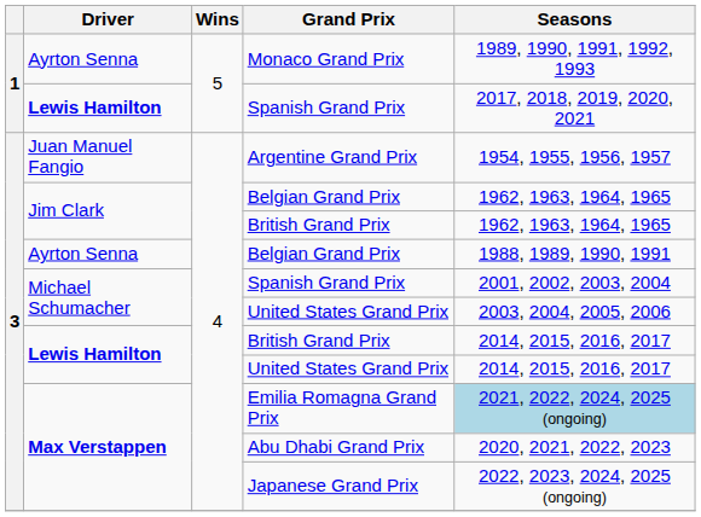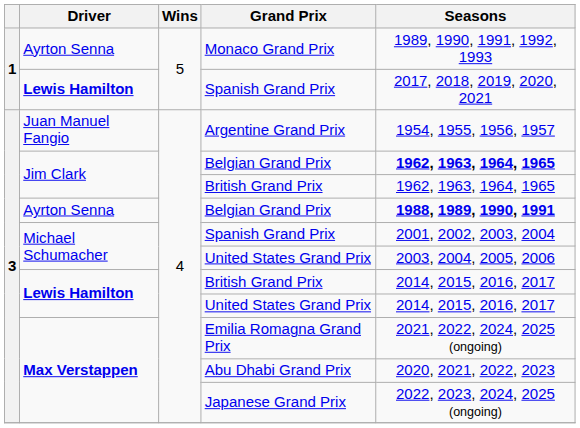 <table class="wikitable sortable">
 <tr>
 <th></th>
 <th>Driver</th>
 <th>Wins</th>
 <th>Grand Prix</th>
 <th class="unsortable">Seasons</th>
 </tr>
 <tr>
 <th rowspan=2>1</th>
 <td> <a href='#'>Ayrton Senna</a></td>
 <td align=center rowspan=2>5</td>
 <td><a href='#'>Monaco Grand Prix</a></td>
 <td align=center><a href='#'>1989</a>, <a href='#'>1990</a>, <a href='#'>1991</a>, <a href='#'>1992</a>, <a href='#'>1993</a></td>
 </tr>
 <tr>
 <td> <strong><a href='#'>Lewis Hamilton</a></strong></td>
 <td><a href='#'>Spanish Grand Prix</a></td>
 <td align=center><a href='#'>2017</a>, <a href='#'>2018</a>, <a href='#'>2019</a>, <a href='#'>2020</a>, <a href='#'>2021</a></td>
 </tr>
 <tr>
 <th rowspan=11>3</th>
 <td> <a href='#'>Juan Manuel Fangio</a></td>
 <td align=center rowspan=11>4</td>
 <td><a href='#'>Argentine Grand Prix</a></td>
 <td align=center><a href='#'>1954</a>, <a href='#'>1955</a>, <a href='#'>1956</a>, <a href='#'>1957</a></td>
 </tr>
 <tr>
 <td rowspan=2> <a href='#'>Jim Clark</a></td>
 <td><a href='#'>Belgian Grand Prix</a></td>
-<td align=center><a href='#'>1962</a>, <a href='#'>1963</a>, <a href='#'>1964</a>, <a href='#'>1965</a></td>
+<td align=center><strong><a href='#'>1962</a>, <a href='#'>1963</a>, <a href='#'>1964</a>, <a href='#'>1965</a></strong></td>
 </tr>
 <tr>
 <td><a href='#'>British Grand Prix</a></td>
 <td align=center><a href='#'>1962</a>, <a href='#'>1963</a>, <a href='#'>1964</a>, <a href='#'>1965</a></td>
 </tr>
 <tr>
 <td> <a href='#'>Ayrton Senna</a></td>
 <td><a href='#'>Belgian Grand Prix</a></td>
-<td align=center><a href='#'>1988</a>, <a href='#'>1989</a>, <a href='#'>1990</a>, <a href='#'>1991</a></td>
+<td align=center><strong><a href='#'>1988</a>, <a href='#'>1989</a>, <a href='#'>1990</a>, <a href='#'>1991</a></strong></td>
 </tr>
 <tr>
 <td rowspan=2> <a href='#'>Michael Schumacher</a></td>
 <td><a href='#'>Spanish Grand Prix</a></td>
 <td align=center><a href='#'>2001</a>, <a href='#'>2002</a>, <a href='#'>2003</a>, <a href='#'>2004</a></td>
 </tr>
 <tr>
 <td><a href='#'>United States Grand Prix</a></td>
 <td align=center><a href='#'>2003</a>, <a href='#'>2004</a>, <a href='#'>2005</a>, <a href='#'>2006</a></td>
 </tr>
 <tr>
 <td rowspan=2> <strong><a href='#'>Lewis Hamilton</a></strong></td>
 <td><a href='#'>British Grand Prix</a></td>
 <td align=center><a href='#'>2014</a>, <a href='#'>2015</a>, <a href='#'>2016</a>, <a href='#'>2017</a></td>
 </tr>
 <tr>
 <td><a href='#'>United States Grand Prix</a></td>
 <td align=center><a href='#'>2014</a>, <a href='#'>2015</a>, <a href='#'>2016</a>, <a href='#'>2017</a></td>
 </tr>
 <tr>
 <td rowspan=3> <strong><a href='#'>Max Verstappen</a></strong></td>
 <td><a href='#'>Emilia Romagna Grand Prix</a></td>
-<td align=center style="background: lightblue;"><a href='#'>2021</a>, <a href='#'>2022</a>, <a href='#'>2024</a>, <a href='#'>2025</a> <small>(ongoing)</small></td>
+<td align=center><a href='#'>2021</a>, <a href='#'>2022</a>, <a href='#'>2024</a>, <a href='#'>2025</a> <small>(ongoing)</small></td>
 </tr>
 <tr>
 <td><a href='#'>Abu Dhabi Grand Prix</a></td>
 <td align=center><a href='#'>2020</a>, <a href='#'>2021</a>, <a href='#'>2022</a>, <a href='#'>2023</a></td>
 </tr>
 <tr>
 <td><a href='#'>Japanese Grand Prix</a></td>
 <td align=center><a href='#'>2022</a>, <a href='#'>2023</a>, <a href='#'>2024</a>, <a href='#'>2025</a> <small>(ongoing)</small></td>
 </tr>
 <tr>
 </tr>
 </table>
